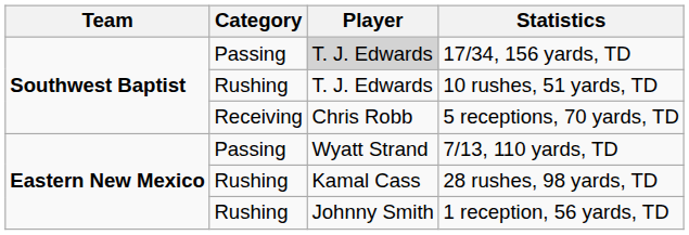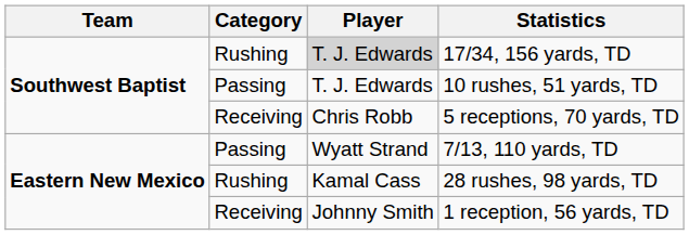 <table class="wikitable" style="float: right;">
 <tr>
 <th>Team</th>
 <th>Category</th>
 <th>Player</th>
 <th>Statistics</th>
 </tr>
 <tr>
 <td rowspan=3><strong>Southwest Baptist</strong></td>
-<td>Passing</td>
+<td>Rushing</td>
 <td style="background: lightgrey;">T. J. Edwards</td>
 <td>17/34, 156 yards, TD</td>
 </tr>
 <tr>
-<td>Rushing</td>
+<td>Passing</td>
 <td>T. J. Edwards</td>
 <td>10 rushes, 51 yards, TD</td>
 </tr>
 <tr>
 <td>Receiving</td>
 <td>Chris Robb</td>
 <td>5 receptions, 70 yards, TD</td>
 </tr>
 <tr>
 <td rowspan=3><strong>Eastern New Mexico</strong></td>
 <td>Passing</td>
 <td>Wyatt Strand</td>
 <td>7/13, 110 yards, TD</td>
 </tr>
 <tr>
 <td>Rushing</td>
 <td>Kamal Cass</td>
 <td>28 rushes, 98 yards, TD</td>
 </tr>
 <tr>
-<td>Rushing</td>
+<td>Receiving</td>
 <td>Johnny Smith</td>
 <td>1 reception, 56 yards, TD</td>
 </tr>
 </table>
